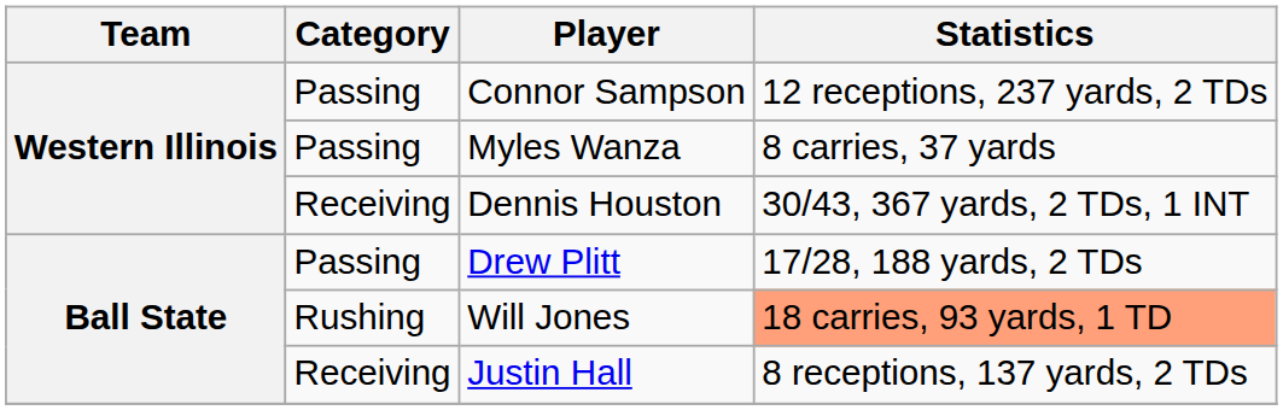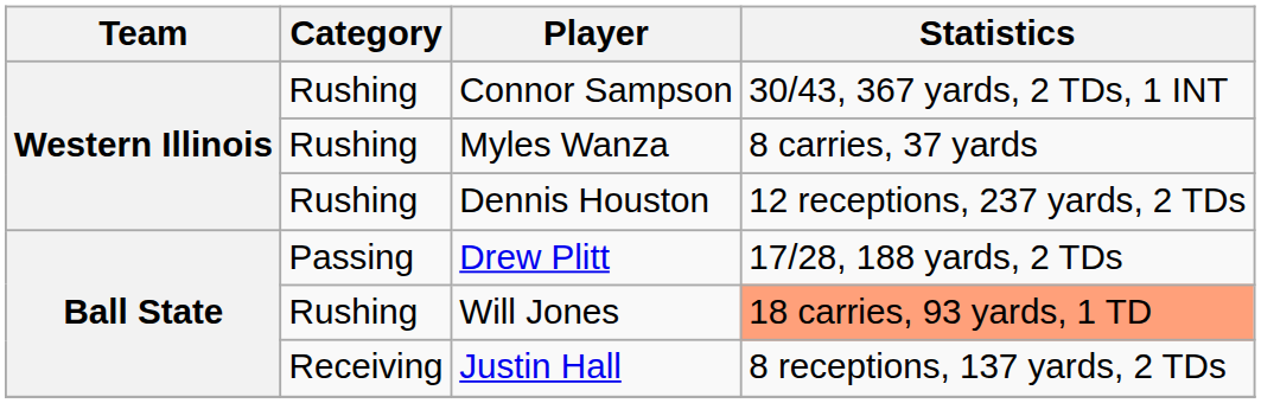 <table class="wikitable" style="float: left;">
 <tr>
 <th>Team</th>
 <th>Category</th>
 <th>Player</th>
 <th>Statistics</th>
 </tr>
 <tr>
 <th rowspan=3>Western Illinois</th>
-<td>Passing</td>
+<td>Rushing</td>
 <td>Connor Sampson</td>
-<td>12 receptions, 237 yards, 2 TDs</td>
+<td>30/43, 367 yards, 2 TDs, 1 INT</td>
 </tr>
 <tr>
-<td>Passing</td>
+<td>Rushing</td>
 <td>Myles Wanza</td>
 <td>8 carries, 37 yards</td>
 </tr>
 <tr>
-<td>Receiving</td>
+<td>Rushing</td>
 <td>Dennis Houston</td>
-<td>30/43, 367 yards, 2 TDs, 1 INT</td>
+<td>12 receptions, 237 yards, 2 TDs</td>
 </tr>
 <tr>
 <th rowspan=3 style=>Ball State</th>
 <td>Passing</td>
 <td><a href='#'>Drew Plitt</a></td>
 <td>17/28, 188 yards, 2 TDs</td>
 </tr>
 <tr>
 <td>Rushing</td>
 <td>Will Jones</td>
 <td style="background: lightsalmon;">18 carries, 93 yards, 1 TD</td>
 </tr>
 <tr>
 <td>Receiving</td>
 <td><a href='#'>Justin Hall</a></td>
 <td>8 receptions, 137 yards, 2 TDs</td>
 </tr>
 <tr>
 </tr>
 </table>
